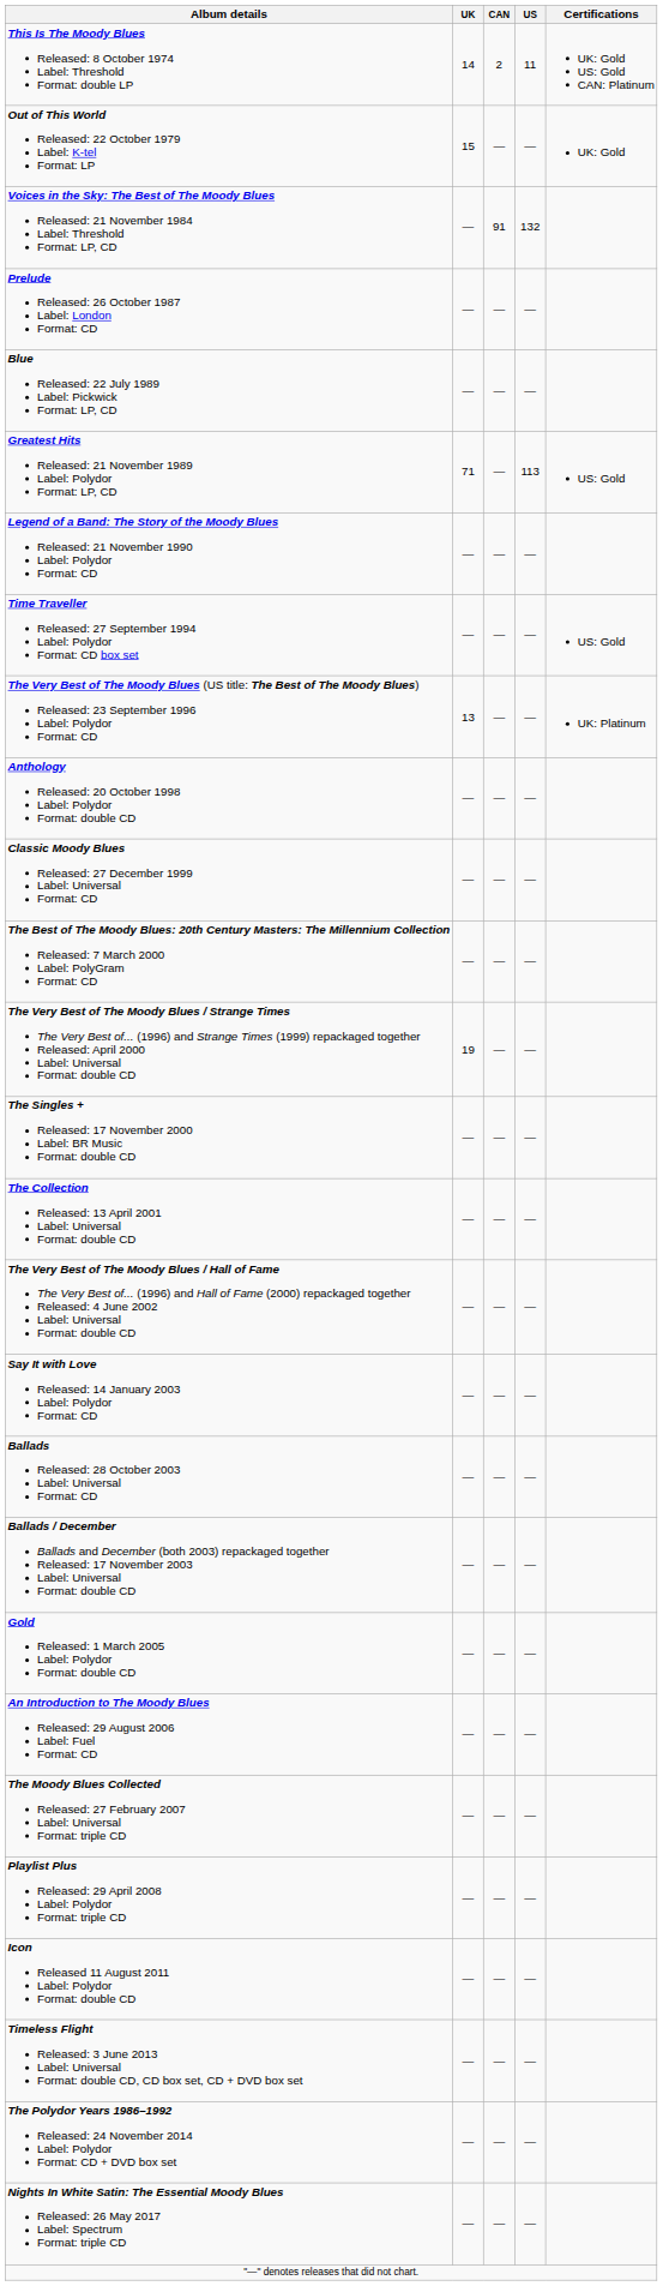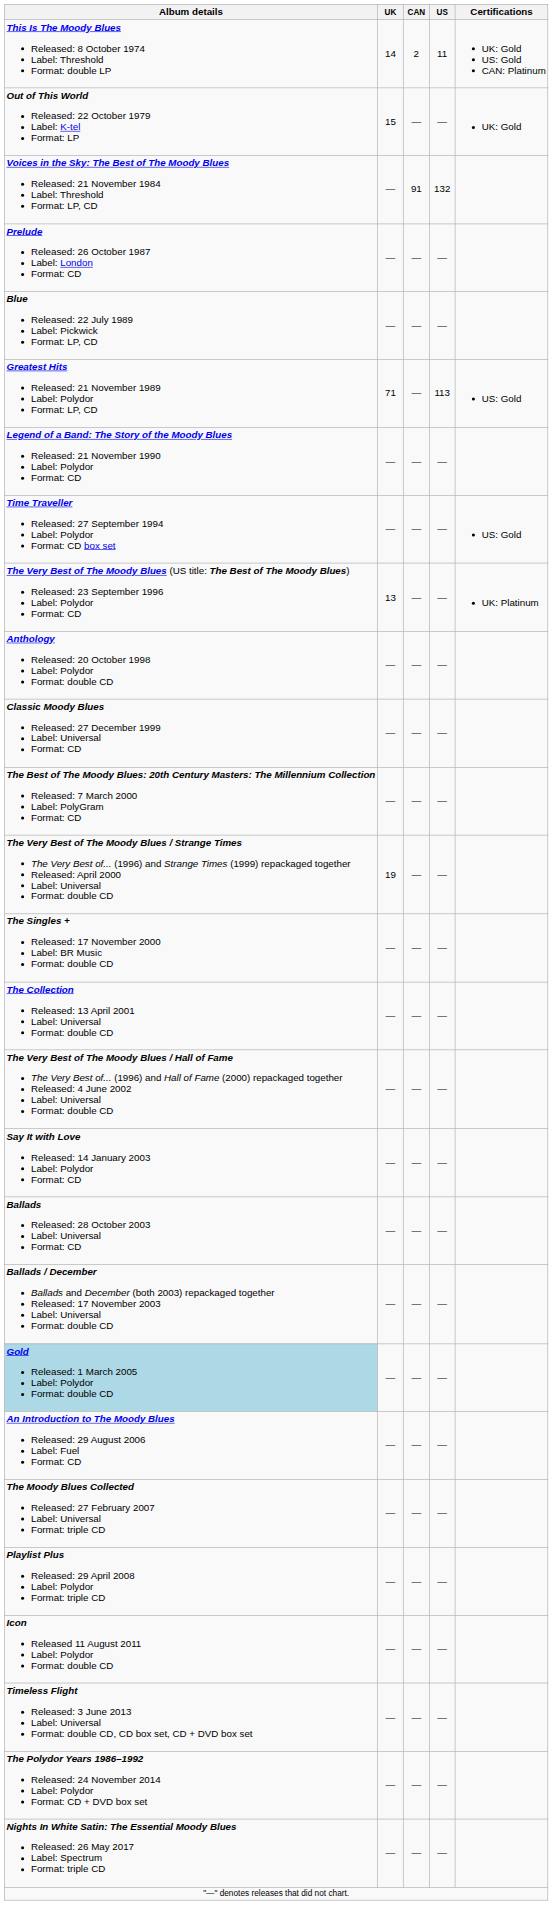 <table class="wikitable">
 <tr>
 <th scope="col">Album details</th>
 <th scope="col" width="35"><small>UK<br></small></th>
 <th scope="col" width="35"><small>CAN<br></small></th>
 <th scope="col" width="35"><small>US<br></small></th>
 <th scope="col">Certifications</th>
 </tr>
 <tr>
 <td><strong><em><a href='#'>This Is The Moody Blues</a></em></strong><br><ul><li>Released: 8 October 1974</li><li>Label: Threshold</li><li>Format: double LP</li></ul></td>
 <td style="text-align:center">14</td>
 <td style="text-align:center">2</td>
 <td style="text-align:center">11</td>
 <td><br><ul><li>UK: Gold</li><li>US: Gold</li><li>CAN: Platinum</li></ul></td>
 </tr>
 <tr>
 <td><strong><em>Out of This World</em></strong><br><ul><li>Released: 22 October 1979</li><li>Label: <a href='#'>K-tel</a></li><li>Format: LP</li></ul></td>
 <td style="text-align:center">15</td>
 <td style="text-align:center">—</td>
 <td style="text-align:center">—</td>
 <td><br><ul><li>UK: Gold</li></ul></td>
 </tr>
 <tr>
 <td><strong><em><a href='#'>Voices in the Sky: The Best of The Moody Blues</a></em></strong><br><ul><li>Released: 21 November 1984</li><li>Label: Threshold</li><li>Format: LP, CD</li></ul></td>
 <td style="text-align:center">—</td>
 <td style="text-align:center">91</td>
 <td style="text-align:center">132</td>
 <td></td>
 </tr>
 <tr>
 <td><strong><em><a href='#'>Prelude</a></em></strong><br><ul><li>Released: 26 October 1987</li><li>Label: <a href='#'>London</a></li><li>Format: CD</li></ul></td>
 <td style="text-align:center">—</td>
 <td style="text-align:center">—</td>
 <td style="text-align:center">—</td>
 <td></td>
 </tr>
 <tr>
 <td><strong><em>Blue</em></strong><br><ul><li>Released:  22 July 1989</li><li>Label: Pickwick</li><li>Format: LP, CD</li></ul></td>
 <td style="text-align:center">—</td>
 <td style="text-align:center">—</td>
 <td style="text-align:center">—</td>
 <td></td>
 </tr>
 <tr>
 <td><strong><em><a href='#'>Greatest Hits</a></em></strong><br><ul><li>Released: 21 November 1989</li><li>Label: Polydor</li><li>Format: LP, CD</li></ul></td>
 <td style="text-align:center">71</td>
 <td style="text-align:center">—</td>
 <td style="text-align:center">113</td>
 <td><br><ul><li>US: Gold</li></ul></td>
 </tr>
 <tr>
 <td><strong><em><a href='#'>Legend of a Band: The Story of the Moody Blues</a></em></strong><br><ul><li>Released: 21 November 1990</li><li>Label: Polydor</li><li>Format: CD</li></ul></td>
 <td style="text-align:center">—</td>
 <td style="text-align:center">—</td>
 <td style="text-align:center">—</td>
 <td></td>
 </tr>
 <tr>
 <td><strong><em><a href='#'>Time Traveller</a></em></strong><br><ul><li>Released: 27 September 1994</li><li>Label: Polydor</li><li>Format: CD <a href='#'>box set</a></li></ul></td>
 <td style="text-align:center">—</td>
 <td style="text-align:center">—</td>
 <td style="text-align:center">—</td>
 <td><br><ul><li>US: Gold</li></ul></td>
 </tr>
 <tr>
 <td><strong><em><a href='#'>The Very Best of The Moody Blues</a></em></strong> (US title: <strong><em>The Best of The Moody Blues</em></strong>)<br><ul><li>Released: 23 September 1996</li><li>Label: Polydor</li><li>Format: CD</li></ul></td>
 <td style="text-align:center">13</td>
 <td style="text-align:center">—</td>
 <td style="text-align:center">—</td>
 <td><br><ul><li>UK: Platinum</li></ul></td>
 </tr>
 <tr>
 <td><strong><em><a href='#'>Anthology</a></em></strong><br><ul><li>Released: 20 October 1998</li><li>Label: Polydor</li><li>Format: double CD</li></ul></td>
 <td style="text-align:center">—</td>
 <td style="text-align:center">—</td>
 <td style="text-align:center">—</td>
 <td></td>
 </tr>
 <tr>
 <td><strong><em>Classic Moody Blues</em></strong><br><ul><li>Released: 27 December 1999</li><li>Label: Universal</li><li>Format: CD</li></ul></td>
 <td style="text-align:center">—</td>
 <td style="text-align:center">—</td>
 <td style="text-align:center">—</td>
 <td></td>
 </tr>
 <tr>
 <td><strong><em>The Best of The Moody Blues: 20th Century Masters: The Millennium Collection</em></strong><br><ul><li>Released: 7 March 2000</li><li>Label: PolyGram</li><li>Format: CD</li></ul></td>
 <td style="text-align:center">—</td>
 <td style="text-align:center">—</td>
 <td style="text-align:center">—</td>
 <td></td>
 </tr>
 <tr>
 <td><strong><em>The Very Best of The Moody Blues / Strange Times</em></strong><br><ul><li><em>The Very Best of...</em> (1996) and <em>Strange Times</em> (1999) repackaged together</li><li>Released: April 2000</li><li>Label: Universal</li><li>Format: double CD</li></ul></td>
 <td style="text-align:center">19</td>
 <td style="text-align:center">—</td>
 <td style="text-align:center">—</td>
 <td></td>
 </tr>
 <tr>
 <td><strong><em>The Singles +</em></strong><br><ul><li>Released: 17 November 2000</li><li>Label: BR Music</li><li>Format: double CD</li></ul></td>
 <td style="text-align:center">—</td>
 <td style="text-align:center">—</td>
 <td style="text-align:center">—</td>
 <td></td>
 </tr>
 <tr>
 <td><strong><em><a href='#'>The Collection</a></em></strong><br><ul><li>Released: 13 April 2001</li><li>Label: Universal</li><li>Format: double CD</li></ul></td>
 <td style="text-align:center">—</td>
 <td style="text-align:center">—</td>
 <td style="text-align:center">—</td>
 <td></td>
 </tr>
 <tr>
 <td><strong><em>The Very Best of The Moody Blues / Hall of Fame</em></strong><br><ul><li><em>The Very Best of...</em> (1996) and <em>Hall of Fame</em> (2000) repackaged together</li><li>Released: 4 June 2002</li><li>Label: Universal</li><li>Format: double CD</li></ul></td>
 <td style="text-align:center">—</td>
 <td style="text-align:center">—</td>
 <td style="text-align:center">—</td>
 <td></td>
 </tr>
 <tr>
 <td><strong><em>Say It with Love</em></strong><br><ul><li>Released: 14 January 2003</li><li>Label: Polydor</li><li>Format: CD</li></ul></td>
 <td style="text-align:center">—</td>
 <td style="text-align:center">—</td>
 <td style="text-align:center">—</td>
 <td></td>
 </tr>
 <tr>
 <td><strong><em>Ballads</em></strong><br><ul><li>Released: 28 October 2003</li><li>Label: Universal</li><li>Format: CD</li></ul></td>
 <td style="text-align:center">—</td>
 <td style="text-align:center">—</td>
 <td style="text-align:center">—</td>
 <td></td>
 </tr>
 <tr>
 <td><strong><em>Ballads / December</em></strong><br><ul><li><em>Ballads</em> and <em>December</em> (both 2003) repackaged together</li><li>Released: 17 November 2003</li><li>Label: Universal</li><li>Format: double CD</li></ul></td>
 <td style="text-align:center">—</td>
 <td style="text-align:center">—</td>
 <td style="text-align:center">—</td>
 <td></td>
 </tr>
 <tr>
-<td><strong><em><a href='#'>Gold</a></em></strong><br><ul><li>Released: 1 March 2005</li><li>Label: Polydor</li><li>Format: double CD</li></ul></td>
+<td style="background: lightblue;"><strong><em><a href='#'>Gold</a></em></strong><br><ul><li>Released: 1 March 2005</li><li>Label: Polydor</li><li>Format: double CD</li></ul></td>
 <td style="text-align:center">—</td>
 <td style="text-align:center">—</td>
 <td style="text-align:center">—</td>
 <td></td>
 </tr>
 <tr>
 <td><strong><em><a href='#'>An Introduction to The Moody Blues</a></em></strong><br><ul><li>Released: 29 August 2006</li><li>Label: Fuel</li><li>Format: CD</li></ul></td>
 <td style="text-align:center">—</td>
 <td style="text-align:center">—</td>
 <td style="text-align:center">—</td>
 <td></td>
 </tr>
 <tr>
 <td><strong><em>The Moody Blues Collected</em></strong><br><ul><li>Released: 27 February 2007</li><li>Label: Universal</li><li>Format: triple CD</li></ul></td>
 <td style="text-align:center">—</td>
 <td style="text-align:center">—</td>
 <td style="text-align:center">—</td>
 <td></td>
 </tr>
 <tr>
 <td><strong><em>Playlist Plus</em></strong><br><ul><li>Released: 29 April 2008</li><li>Label: Polydor</li><li>Format: triple CD</li></ul></td>
 <td style="text-align:center">—</td>
 <td style="text-align:center">—</td>
 <td style="text-align:center">—</td>
 <td></td>
 </tr>
 <tr>
 <td><strong><em>Icon</em></strong><br><ul><li>Released 11 August 2011</li><li>Label: Polydor</li><li>Format: double CD</li></ul></td>
 <td style="text-align:center">—</td>
 <td style="text-align:center">—</td>
 <td style="text-align:center">—</td>
 <td></td>
 </tr>
 <tr>
 <td><strong><em>Timeless Flight</em></strong><br><ul><li>Released: 3 June 2013</li><li>Label: Universal</li><li>Format: double CD, CD box set, CD + DVD box set</li></ul></td>
 <td style="text-align:center">—</td>
 <td style="text-align:center">—</td>
 <td style="text-align:center">—</td>
 <td></td>
 </tr>
 <tr>
 <td><strong><em>The Polydor Years 1986–1992</em></strong><br><ul><li>Released: 24 November 2014</li><li>Label: Polydor</li><li>Format: CD + DVD box set</li></ul></td>
 <td style="text-align:center">—</td>
 <td style="text-align:center">—</td>
 <td style="text-align:center">—</td>
 <td></td>
 </tr>
 <tr>
 <td><strong><em>Nights In White Satin: The Essential Moody Blues</em></strong><br><ul><li>Released: 26 May 2017</li><li>Label: Spectrum</li><li>Format: triple CD</li></ul></td>
 <td style="text-align:center">—</td>
 <td style="text-align:center">—</td>
 <td style="text-align:center">—</td>
 <td></td>
 </tr>
 <tr>
 <td colspan="6" style="text-align:center; font-size:85%">"—" denotes releases that did not chart.</td>
 </tr>
 </table>
